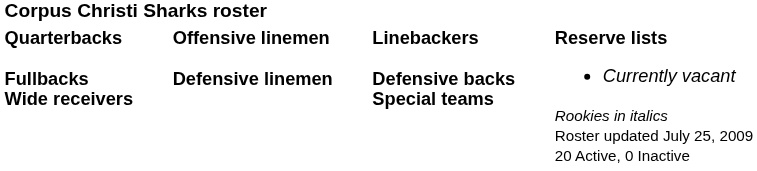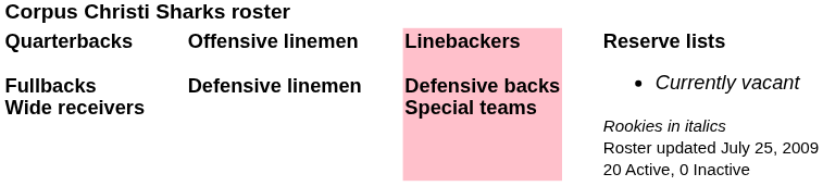 <table class="toccolours" style="text-align: left;">
 <tr>
 <th colspan="7"><strong>Corpus Christi Sharks roster</strong></th>
 </tr>
 <tr>
 <td style="font-size: 95%;vertical-align:top;"><strong>Quarterbacks</strong><br> <br><strong>Fullbacks</strong> <br><strong>Wide receivers</strong>     </td>
 <td style="width: 25px;"></td>
 <td style="font-size: 95%;vertical-align:top;"><strong>Offensive linemen</strong><br>   <br><strong>Defensive linemen</strong>   </td>
 <td style="width: 25px;"></td>
-<td style="font-size: 95%;vertical-align:top;"><strong>Linebackers</strong><br>  <br><strong>Defensive backs</strong>    <br><strong>Special teams</strong> </td>
+<td style="background: pink; font-size: 95%;vertical-align:top;"><strong>Linebackers</strong><br>  <br><strong>Defensive backs</strong>    <br><strong>Special teams</strong> </td>
 <td style="width: 25px;"></td>
 <td style="font-size: 95%;vertical-align:top;"><strong>Reserve lists</strong><br><ul><li><em>Currently vacant</em></li></ul><small><em>Rookies in italics</em></small><br> <small>Roster updated July 25, 2009</small><br> <small>20 Active, 0 Inactive</small></td>
 </tr>
 <tr>
 </tr>
 </table>
